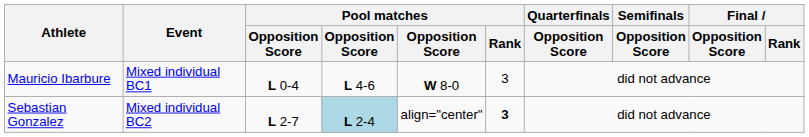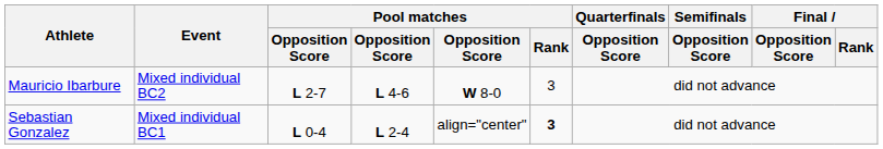 <table class=wikitable style="font-size:90%">
 <tr>
 <th rowspan="2">Athlete</th>
 <th rowspan="2">Event</th>
 <th colspan="4">Pool matches</th>
 <th>Quarterfinals</th>
 <th>Semifinals</th>
 <th colspan="2">Final / </th>
 </tr>
 <tr>
 <th>Opposition<br>Score</th>
 <th>Opposition<br>Score</th>
 <th>Opposition<br>Score</th>
 <th>Rank</th>
 <th>Opposition<br>Score</th>
 <th>Opposition<br>Score</th>
 <th>Opposition<br>Score</th>
 <th>Rank</th>
 </tr>
 <tr>
 <td><a href='#'>Mauricio Ibarbure</a></td>
-<td><a href='#'>Mixed individual BC1</a></td>
-<td align="center"><br><strong>L</strong> 0-4</td>
+<td><a href='#'>Mixed individual BC2</a></td>
+<td align="center"><br><strong>L</strong> 2-7</td>
 <td align="center"><br><strong>L</strong> 4-6</td>
 <td align="center"><br> <strong>W</strong> 8-0</td>
 <td align="center">3</td>
 <td align="center" colspan=4>did not advance</td>
 </tr>
 <tr>
 <td><a href='#'>Sebastian Gonzalez</a></td>
-<td><a href='#'>Mixed individual BC2</a></td>
-<td align="center"><br><strong>L</strong> 2-7</td>
-<td align="center" style="background: lightblue;"><br><strong>L</strong> 2-4</td>
+<td><a href='#'>Mixed individual BC1</a></td>
+<td align="center"><br><strong>L</strong> 0-4</td>
+<td align="center"><br><strong>L</strong> 2-4</td>
 <td>align="center" </td>
 <td align="center"><strong>3</strong></td>
 <td align="center" colspan=4>did not advance</td>
 </tr>
 </table>
